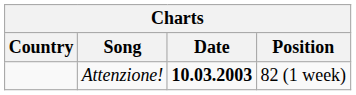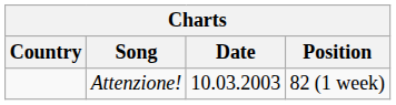 <table class="wikitable sortable">
 <tr>
 <th colspan="4">Charts</th>
 </tr>
 <tr>
 <th>Country</th>
 <th>Song</th>
 <th>Date</th>
 <th>Position</th>
 </tr>
 <tr>
 <td></td>
 <td><em>Attenzione!</em></td>
-<td><strong>10.03.2003</strong></td>
+<td>10.03.2003</td>
 <td>82 (1 week)</td>
 </tr>
 </table>
